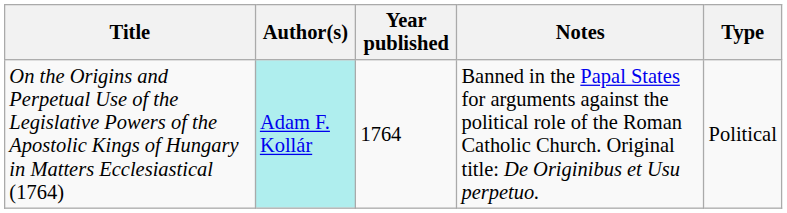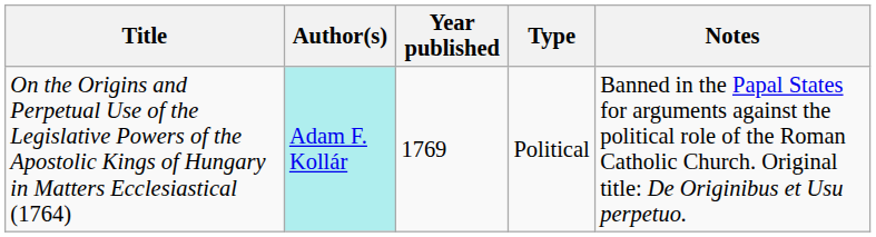 <table class="wikitable sortable">
 <tr>
 <th>Title</th>
 <th>Author(s)</th>
 <th>Year published</th>
+<th>Type</th>
 <th class="unsortable">Notes</th>
-<th>Type</th>
 </tr>
 <tr>
 <td><em>On the Origins and Perpetual Use of the Legislative Powers of the Apostolic Kings of Hungary in Matters Ecclesiastical</em> (1764)</td>
 <td style="background: paleturquoise;"><a href='#'>Adam F. Kollár</a></td>
-<td>1764</td>
+<td>1769</td>
+<td>Political</td>
 <td>Banned in the <a href='#'>Papal States</a> for arguments against the political role of the Roman Catholic Church. Original title: <em>De Originibus et Usu perpetuo.</em></td>
-<td>Political</td>
 </tr>
 </table>
